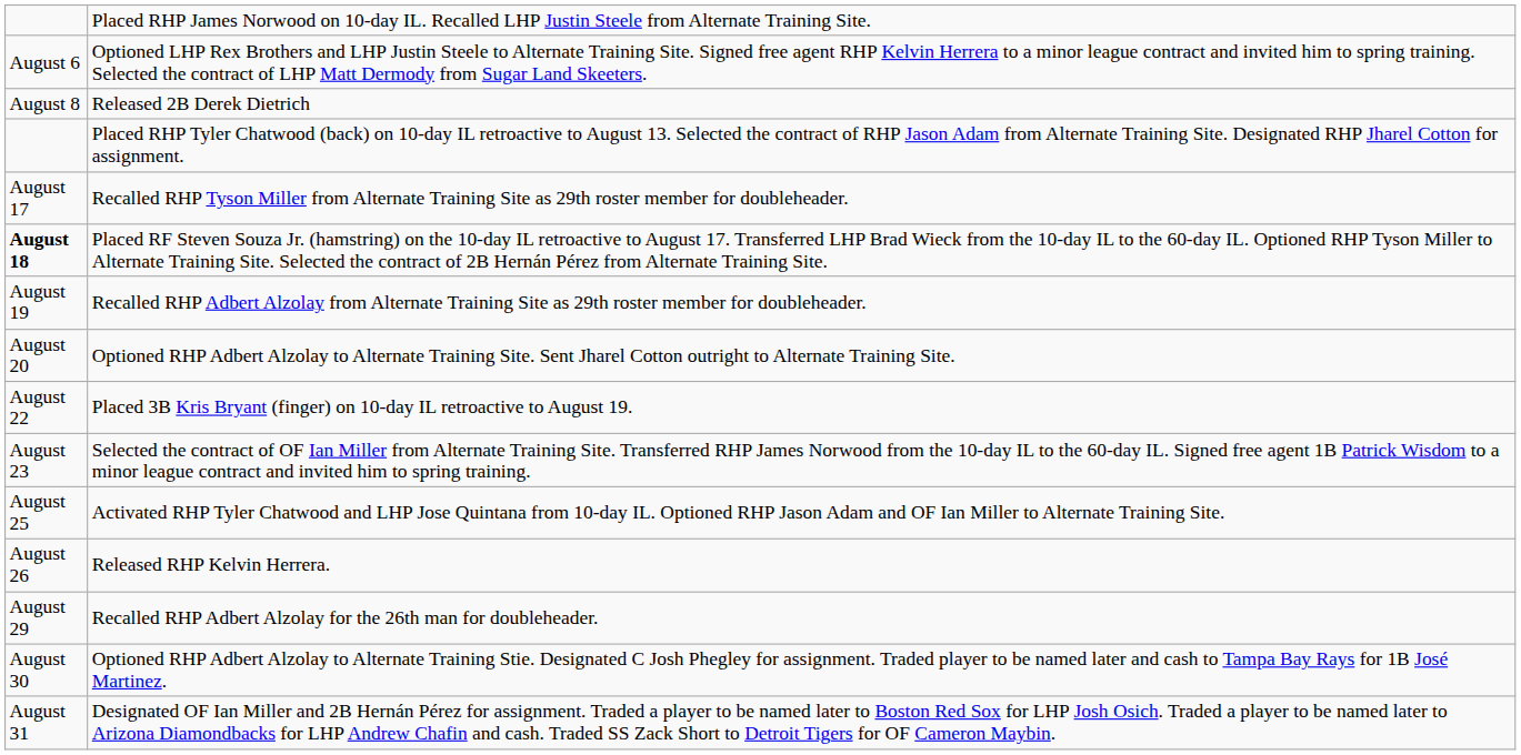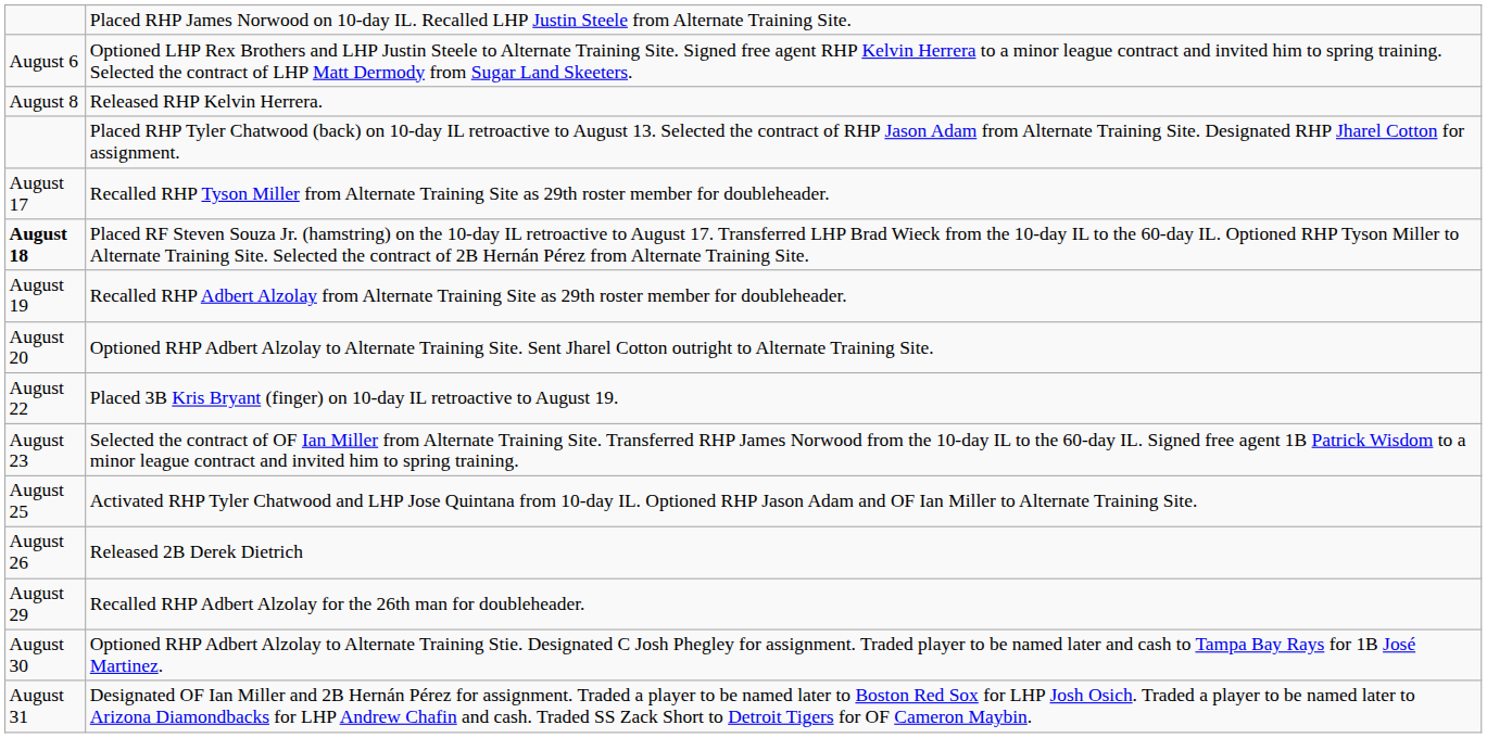 <table class="wikitable">
 <tr>
 <td></td>
 <td>Placed RHP James Norwood on 10-day IL. Recalled LHP <a href='#'>Justin Steele</a> from Alternate Training Site.</td>
 </tr>
 <tr>
 <td>August 6</td>
 <td>Optioned LHP Rex Brothers and LHP Justin Steele to Alternate Training Site. Signed free agent RHP <a href='#'>Kelvin Herrera</a> to a minor league contract and invited him to spring training. Selected the contract of LHP <a href='#'>Matt Dermody</a> from <a href='#'>Sugar Land Skeeters</a>.</td>
 </tr>
 <tr>
 <td>August 8</td>
-<td>Released 2B Derek Dietrich</td>
+<td>Released RHP Kelvin Herrera.</td>
 </tr>
 <tr>
 <td></td>
 <td>Placed RHP Tyler Chatwood (back) on 10-day IL retroactive to August 13. Selected the contract of RHP <a href='#'>Jason Adam</a> from Alternate Training Site. Designated RHP <a href='#'>Jharel Cotton</a> for assignment.</td>
 </tr>
 <tr>
 <td>August 17</td>
 <td>Recalled RHP <a href='#'>Tyson Miller</a> from Alternate Training Site as 29th roster member for doubleheader.</td>
 </tr>
 <tr>
 <td><strong>August 18</strong></td>
 <td>Placed RF Steven Souza Jr. (hamstring) on the 10-day IL retroactive to August 17. Transferred LHP Brad Wieck from the 10-day IL to the 60-day IL. Optioned RHP Tyson Miller to Alternate Training Site. Selected the contract of 2B Hernán Pérez from Alternate Training Site.</td>
 </tr>
 <tr>
 <td>August 19</td>
 <td>Recalled RHP <a href='#'>Adbert Alzolay</a> from Alternate Training Site as 29th roster member for doubleheader.</td>
 </tr>
 <tr>
 <td>August 20</td>
 <td>Optioned RHP Adbert Alzolay to Alternate Training Site. Sent Jharel Cotton outright to Alternate Training Site.</td>
 </tr>
 <tr>
 <td>August 22</td>
 <td>Placed 3B <a href='#'>Kris Bryant</a> (finger) on 10-day IL retroactive to August 19.</td>
 </tr>
 <tr>
 <td>August 23</td>
 <td>Selected the contract of OF <a href='#'>Ian Miller</a> from Alternate Training Site. Transferred RHP James Norwood from the 10-day IL to the 60-day IL. Signed free agent 1B <a href='#'>Patrick Wisdom</a> to a minor league contract and invited him to spring training.</td>
 </tr>
 <tr>
 <td>August 25</td>
 <td>Activated RHP Tyler Chatwood and LHP Jose Quintana from 10-day IL. Optioned RHP Jason Adam and OF Ian Miller to Alternate Training Site.</td>
 </tr>
 <tr>
 <td>August 26</td>
-<td>Released RHP Kelvin Herrera.</td>
+<td>Released 2B Derek Dietrich</td>
 </tr>
 <tr>
 <td>August 29</td>
 <td>Recalled RHP Adbert Alzolay for the 26th man for doubleheader.</td>
 </tr>
 <tr>
 <td>August 30</td>
 <td>Optioned RHP Adbert Alzolay to Alternate Training Stie. Designated C Josh Phegley for assignment. Traded player to be named later and cash to <a href='#'>Tampa Bay Rays</a> for 1B <a href='#'>José Martinez</a>.</td>
 </tr>
 <tr>
 <td>August 31</td>
 <td>Designated OF Ian Miller and 2B Hernán Pérez for assignment. Traded a player to be named later to <a href='#'>Boston Red Sox</a> for LHP <a href='#'>Josh Osich</a>. Traded a player to be named later to <a href='#'>Arizona Diamondbacks</a> for LHP <a href='#'>Andrew Chafin</a> and cash. Traded SS Zack Short to <a href='#'>Detroit Tigers</a> for OF <a href='#'>Cameron Maybin</a>.</td>
 </tr>
 </table>
